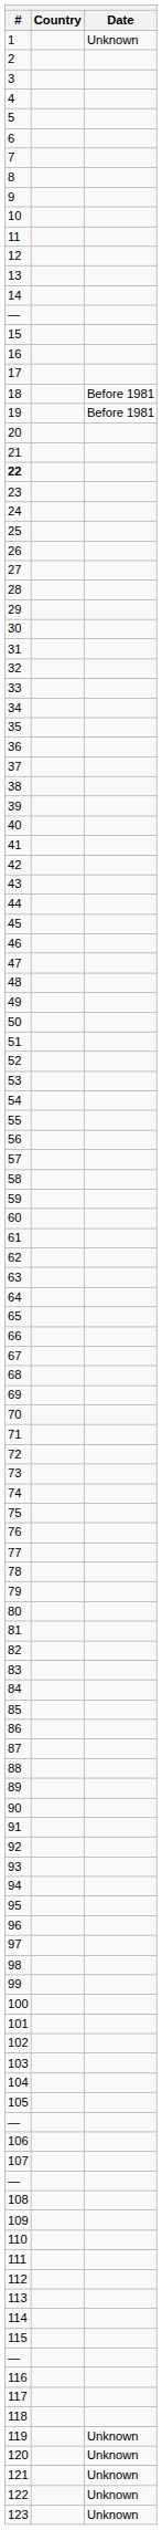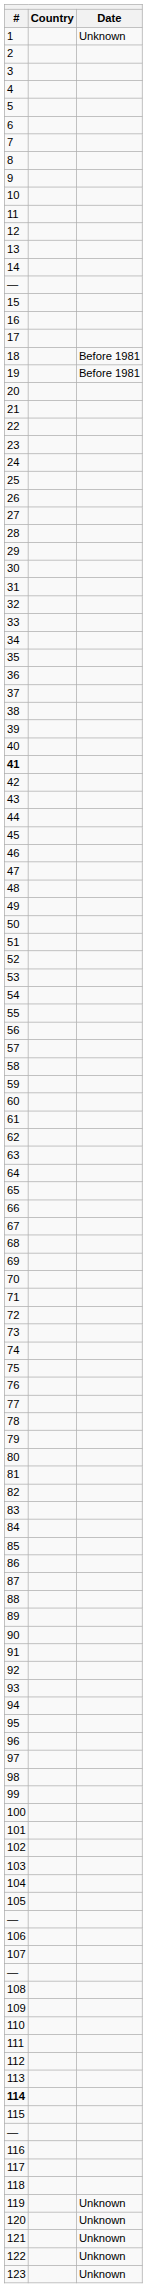 <table class="wikitable sortable">
 <tr>
 <th colspan="3"></th>
 </tr>
 <tr>
 <th>#</th>
 <th>Country</th>
 <th>Date</th>
 </tr>
 <tr>
 <td>1</td>
 <td></td>
 <td>Unknown</td>
 </tr>
 <tr>
 <td>2</td>
 <td></td>
 <td></td>
 </tr>
 <tr>
 <td>3</td>
 <td></td>
 <td></td>
 </tr>
 <tr>
 <td>4</td>
 <td></td>
 <td></td>
 </tr>
 <tr>
 <td>5</td>
 <td></td>
 <td></td>
 </tr>
 <tr>
 <td>6</td>
 <td></td>
 <td></td>
 </tr>
 <tr>
 <td>7</td>
 <td></td>
 <td></td>
 </tr>
 <tr>
 <td>8</td>
 <td></td>
 <td></td>
 </tr>
 <tr>
 <td>9</td>
 <td></td>
 <td></td>
 </tr>
 <tr>
 <td>10</td>
 <td></td>
 <td></td>
 </tr>
 <tr>
 <td>11</td>
 <td></td>
 <td></td>
 </tr>
 <tr>
 <td>12</td>
 <td></td>
 <td></td>
 </tr>
 <tr>
 <td>13</td>
 <td></td>
 <td></td>
 </tr>
 <tr>
 <td>14</td>
 <td></td>
 <td></td>
 </tr>
 <tr>
 <td>—</td>
 <td></td>
 <td></td>
 </tr>
 <tr>
 <td>15</td>
 <td></td>
 <td></td>
 </tr>
 <tr>
 <td>16</td>
 <td></td>
 <td></td>
 </tr>
 <tr>
 <td>17</td>
 <td></td>
 <td></td>
 </tr>
 <tr>
 <td>18</td>
 <td></td>
 <td>Before 1981</td>
 </tr>
 <tr>
 <td>19</td>
 <td></td>
 <td>Before 1981</td>
 </tr>
 <tr>
 <td>20</td>
 <td></td>
 <td></td>
 </tr>
 <tr>
 <td>21</td>
 <td></td>
 <td></td>
 </tr>
 <tr>
-<td><strong>22</strong></td>
+<td>22</td>
 <td></td>
 <td></td>
 </tr>
 <tr>
 <td>23</td>
 <td></td>
 <td></td>
 </tr>
 <tr>
 <td>24</td>
 <td></td>
 <td></td>
 </tr>
 <tr>
 <td>25</td>
 <td></td>
 <td></td>
 </tr>
 <tr>
 <td>26</td>
 <td></td>
 <td></td>
 </tr>
 <tr>
 <td>27</td>
 <td></td>
 <td></td>
 </tr>
 <tr>
 <td>28</td>
 <td></td>
 <td></td>
 </tr>
 <tr>
 <td>29</td>
 <td></td>
 <td></td>
 </tr>
 <tr>
 <td>30</td>
 <td></td>
 <td></td>
 </tr>
 <tr>
 <td>31</td>
 <td></td>
 <td></td>
 </tr>
 <tr>
 <td>32</td>
 <td></td>
 <td></td>
 </tr>
 <tr>
 <td>33</td>
 <td></td>
 <td></td>
 </tr>
 <tr>
 <td>34</td>
 <td></td>
 <td></td>
 </tr>
 <tr>
 <td>35</td>
 <td></td>
 <td></td>
 </tr>
 <tr>
 <td>36</td>
 <td></td>
 <td></td>
 </tr>
 <tr>
 <td>37</td>
 <td></td>
 <td></td>
 </tr>
 <tr>
 <td>38</td>
 <td></td>
 <td></td>
 </tr>
 <tr>
 <td>39</td>
 <td></td>
 <td></td>
 </tr>
 <tr>
 <td>40</td>
 <td></td>
 <td></td>
 </tr>
 <tr>
-<td>41</td>
+<td><strong>41</strong></td>
 <td></td>
 <td></td>
 </tr>
 <tr>
 <td>42</td>
 <td></td>
 <td></td>
 </tr>
 <tr>
 <td>43</td>
 <td></td>
 <td></td>
 </tr>
 <tr>
 <td>44</td>
 <td></td>
 <td></td>
 </tr>
 <tr>
 <td>45</td>
 <td></td>
 <td></td>
 </tr>
 <tr>
 <td>46</td>
 <td></td>
 <td></td>
 </tr>
 <tr>
 <td>47</td>
 <td></td>
 <td></td>
 </tr>
 <tr>
 <td>48</td>
 <td></td>
 <td></td>
 </tr>
 <tr>
 <td>49</td>
 <td></td>
 <td></td>
 </tr>
 <tr>
 <td>50</td>
 <td></td>
 <td></td>
 </tr>
 <tr>
 <td>51</td>
 <td></td>
 <td></td>
 </tr>
 <tr>
 <td>52</td>
 <td></td>
 <td></td>
 </tr>
 <tr>
 <td>53</td>
 <td></td>
 <td></td>
 </tr>
 <tr>
 <td>54</td>
 <td></td>
 <td></td>
 </tr>
 <tr>
 <td>55</td>
 <td></td>
 <td></td>
 </tr>
 <tr>
 <td>56</td>
 <td></td>
 <td></td>
 </tr>
 <tr>
 <td>57</td>
 <td></td>
 <td></td>
 </tr>
 <tr>
 <td>58</td>
 <td></td>
 <td></td>
 </tr>
 <tr>
 <td>59</td>
 <td></td>
 <td></td>
 </tr>
 <tr>
 <td>60</td>
 <td></td>
 <td></td>
 </tr>
 <tr>
 <td>61</td>
 <td></td>
 <td></td>
 </tr>
 <tr>
 <td>62</td>
 <td></td>
 <td></td>
 </tr>
 <tr>
 <td>63</td>
 <td></td>
 <td></td>
 </tr>
 <tr>
 <td>64</td>
 <td></td>
 <td></td>
 </tr>
 <tr>
 <td>65</td>
 <td></td>
 <td></td>
 </tr>
 <tr>
 <td>66</td>
 <td></td>
 <td></td>
 </tr>
 <tr>
 <td>67</td>
 <td></td>
 <td></td>
 </tr>
 <tr>
 <td>68</td>
 <td></td>
 <td></td>
 </tr>
 <tr>
 <td>69</td>
 <td></td>
 <td></td>
 </tr>
 <tr>
 <td>70</td>
 <td></td>
 <td></td>
 </tr>
 <tr>
 <td>71</td>
 <td></td>
 <td></td>
 </tr>
 <tr>
 <td>72</td>
 <td></td>
 <td></td>
 </tr>
 <tr>
 <td>73</td>
 <td></td>
 <td></td>
 </tr>
 <tr>
 <td>74</td>
 <td></td>
 <td></td>
 </tr>
 <tr>
 <td>75</td>
 <td></td>
 <td></td>
 </tr>
 <tr>
 <td>76</td>
 <td></td>
 <td></td>
 </tr>
 <tr>
 <td>77</td>
 <td></td>
 <td></td>
 </tr>
 <tr>
 <td>78</td>
 <td></td>
 <td></td>
 </tr>
 <tr>
 <td>79</td>
 <td></td>
 <td></td>
 </tr>
 <tr>
 <td>80</td>
 <td></td>
 <td></td>
 </tr>
 <tr>
 <td>81</td>
 <td></td>
 <td></td>
 </tr>
 <tr>
 <td>82</td>
 <td></td>
 <td></td>
 </tr>
 <tr>
 <td>83</td>
 <td></td>
 <td></td>
 </tr>
 <tr>
 <td>84</td>
 <td></td>
 <td></td>
 </tr>
 <tr>
 <td>85</td>
 <td></td>
 <td></td>
 </tr>
 <tr>
 <td>86</td>
 <td></td>
 <td></td>
 </tr>
 <tr>
 <td>87</td>
 <td></td>
 <td></td>
 </tr>
 <tr>
 <td>88</td>
 <td></td>
 <td></td>
 </tr>
 <tr>
 <td>89</td>
 <td></td>
 <td></td>
 </tr>
 <tr>
 <td>90</td>
 <td></td>
 <td></td>
 </tr>
 <tr>
 <td>91</td>
 <td></td>
 <td></td>
 </tr>
 <tr>
 <td>92</td>
 <td></td>
 <td></td>
 </tr>
 <tr>
 <td>93</td>
 <td></td>
 <td></td>
 </tr>
 <tr>
 <td>94</td>
 <td></td>
 <td></td>
 </tr>
 <tr>
 <td>95</td>
 <td></td>
 <td></td>
 </tr>
 <tr>
 <td>96</td>
 <td></td>
 <td></td>
 </tr>
 <tr>
 <td>97</td>
 <td></td>
 <td></td>
 </tr>
 <tr>
 <td>98</td>
 <td></td>
 <td></td>
 </tr>
 <tr>
 <td>99</td>
 <td></td>
 <td></td>
 </tr>
 <tr>
 <td>100</td>
 <td></td>
 <td></td>
 </tr>
 <tr>
 <td>101</td>
 <td></td>
 <td></td>
 </tr>
 <tr>
 <td>102</td>
 <td></td>
 <td></td>
 </tr>
 <tr>
 <td>103</td>
 <td></td>
 <td></td>
 </tr>
 <tr>
 <td>104</td>
 <td></td>
 <td></td>
 </tr>
 <tr>
 <td>105</td>
 <td></td>
 <td></td>
 </tr>
 <tr>
 <td>—</td>
 <td></td>
 <td></td>
 </tr>
 <tr>
 <td>106</td>
 <td></td>
 <td></td>
 </tr>
 <tr>
 <td>107</td>
 <td></td>
 <td></td>
 </tr>
 <tr>
 <td>—</td>
 <td></td>
 <td></td>
 </tr>
 <tr>
 <td>108</td>
 <td></td>
 <td></td>
 </tr>
 <tr>
 <td>109</td>
 <td></td>
 <td></td>
 </tr>
 <tr>
 <td>110</td>
 <td></td>
 <td></td>
 </tr>
 <tr>
 <td>111</td>
 <td></td>
 <td></td>
 </tr>
 <tr>
 <td>112</td>
 <td></td>
 <td></td>
 </tr>
 <tr>
 <td>113</td>
 <td></td>
 <td></td>
 </tr>
 <tr>
-<td>114</td>
+<td><strong>114</strong></td>
 <td></td>
 <td></td>
 </tr>
 <tr>
 <td>115</td>
 <td></td>
 <td></td>
 </tr>
 <tr>
 <td>—</td>
 <td></td>
 <td></td>
 </tr>
 <tr>
 <td>116</td>
 <td></td>
 <td></td>
 </tr>
 <tr>
 <td>117</td>
 <td></td>
 <td></td>
 </tr>
 <tr>
 <td>118</td>
 <td></td>
 <td></td>
 </tr>
 <tr>
 <td>119</td>
 <td></td>
 <td>Unknown</td>
 </tr>
 <tr>
 <td>120</td>
 <td></td>
 <td>Unknown</td>
 </tr>
 <tr>
 <td>121</td>
 <td></td>
 <td>Unknown</td>
 </tr>
 <tr>
 <td>122</td>
 <td></td>
 <td>Unknown</td>
 </tr>
 <tr>
 <td>123</td>
 <td></td>
 <td>Unknown</td>
 </tr>
 </table>
